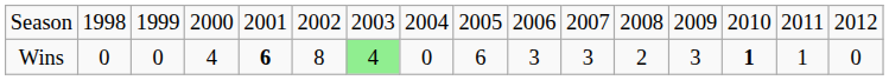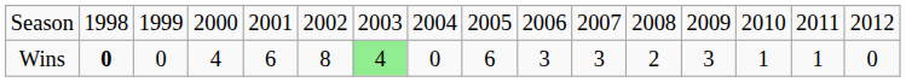 <table class="wikitable">
 <tr>
 <td>Season</td>
 <td>1998</td>
 <td>1999</td>
 <td>2000</td>
 <td>2001</td>
 <td>2002</td>
 <td>2003</td>
 <td>2004</td>
 <td>2005</td>
 <td>2006</td>
 <td>2007</td>
 <td>2008</td>
 <td>2009</td>
 <td>2010</td>
 <td>2011</td>
 <td>2012</td>
 </tr>
 <tr align=center>
 <td>Wins</td>
-<td>0</td>
+<td><strong>0</strong></td>
 <td>0</td>
 <td>4</td>
-<td><strong>6</strong></td>
+<td>6</td>
 <td>8</td>
 <td style="background: lightgreen;">4</td>
 <td>0</td>
 <td>6</td>
 <td>3</td>
 <td>3</td>
 <td>2</td>
 <td>3</td>
-<td><strong>1</strong></td>
+<td>1</td>
 <td>1</td>
 <td>0</td>
 </tr>
 </table>
